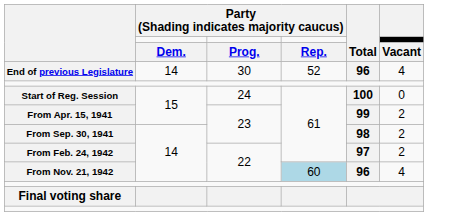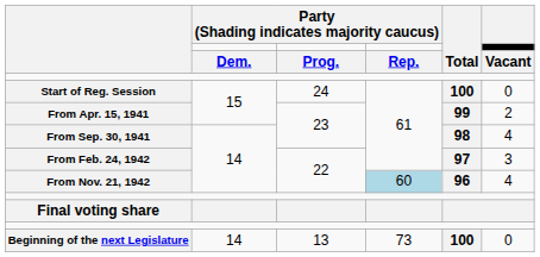 <table class=wikitable style="text-align:center">
 <tr style="vertical-align:bottom;">
 <th rowspan=3></th>
 <th colspan=3>Party <div>(Shading indicates majority caucus)</div></th>
 <th rowspan=3>Total</th>
 <th></th>
 </tr>
 <tr style="height:5px">
 <td style="background-color:"></td>
 <td style="background-color:"></td>
 <td style="background-color:"></td>
 <td style="background:black;"></td>
 </tr>
 <tr>
 <th><a href='#'>Dem.</a></th>
 <th><a href='#'>Prog.</a></th>
 <th><a href='#'>Rep.</a></th>
 <th>Vacant</th>
-</tr>
-<tr>
-<th style="font-size:80%;">End of <a href='#'>previous Legislature</a></th>
-<td>14</td>
-<td>30</td>
-<td>52</td>
-<th>96</th>
-<td>4</td>
 </tr>
 <tr>
 <td colspan=6></td>
 </tr>
 <tr>
 <th style="font-size:80%;">Start of Reg. Session</th>
 <td rowspan="2">15</td>
 <td>24</td>
 <td rowspan="4" >61</td>
 <th>100</th>
 <td>0</td>
 </tr>
 <tr>
 <th style="font-size:80%;">From Apr. 15, 1941</th>
 <td rowspan="2">23</td>
 <th>99</th>
 <td>2</td>
 </tr>
 <tr>
 <th style="font-size:80%;">From Sep. 30, 1941</th>
 <td rowspan="3">14</td>
 <th>98</th>
-<td>2</td>
+<td>4</td>
 </tr>
 <tr>
 <th style="font-size:80%;">From Feb. 24, 1942</th>
 <td rowspan="2">22</td>
 <th>97</th>
-<td>2</td>
+<td>3</td>
 </tr>
 <tr>
 <th style="font-size:80%;">From Nov. 21, 1942</th>
 <td style="background: lightblue;">60</td>
 <th>96</th>
 <td>4</td>
 </tr>
 <tr>
 <td colspan=6></td>
 </tr>
 <tr>
 <th>Final voting share</th>
 <th></th>
 <th></th>
 <th></th>
 <th colspan=2></th>
 </tr>
 <tr>
 <td colspan=6></td>
 </tr>
+<tr>
+<th style="font-size:80%;">Beginning of the <a href='#'>next Legislature</a></th>
+<td>14</td>
+<td>13</td>
+<td>73</td>
+<th>100</th>
+<td>0</td>
+</tr>
 </table>
